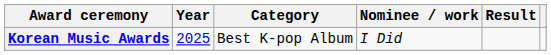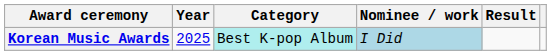 <table class="wikitable plainrowheaders sortable">
 <tr>
 <th scope="col">Award ceremony</th>
 <th scope="col">Year</th>
 <th scope="col">Category </th>
 <th scope="col">Nominee / work</th>
 <th scope="col">Result</th>
 <th scope="col" class="unsortable"></th>
 </tr>
 <tr>
 <th scope="row"><a href='#'>Korean Music Awards</a></th>
 <td style="text-align:center" rowspan="2"><a href='#'>2025</a></td>
-<td>Best K-pop Album</td>
-<td><em>I Did</em></td>
+<td style="background: paleturquoise;">Best K-pop Album</td>
+<td style="background: lightblue;"><em>I Did</em></td>
 <td></td>
 <td style="text-align:center"></td>
 </tr>
 </table>
